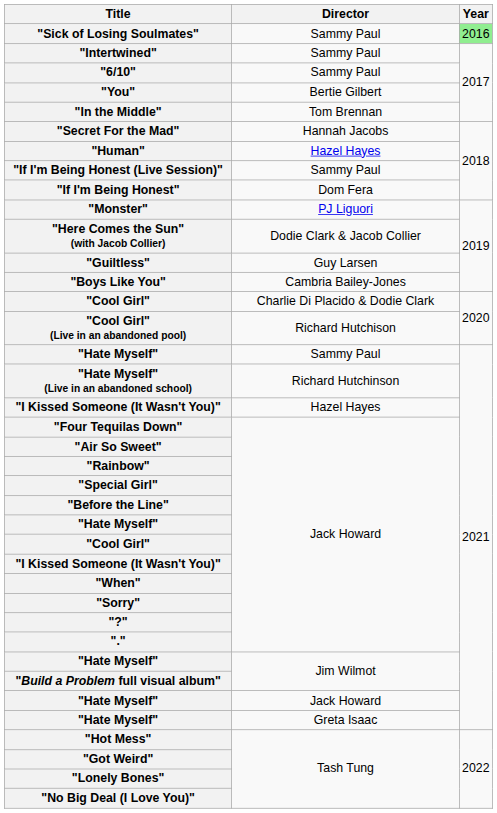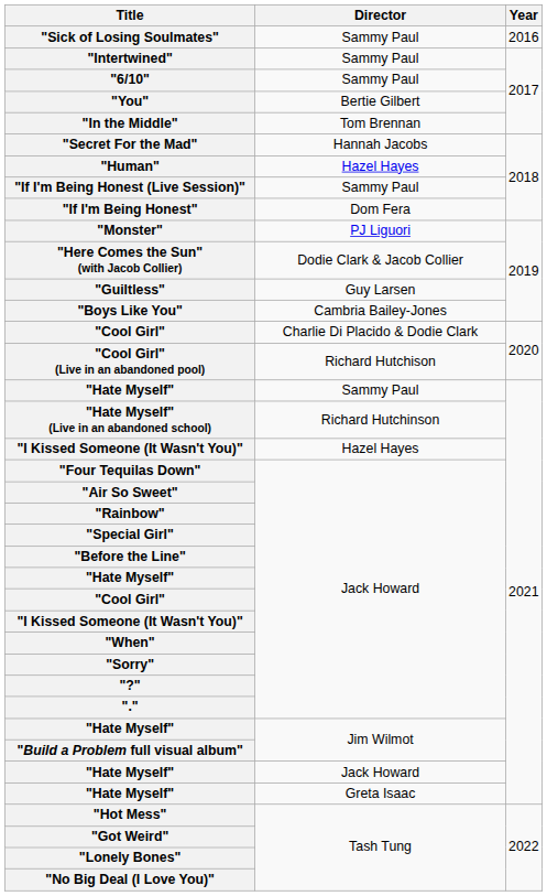 <table class="wikitable plainrowheaders" style="text-align:center;">
 <tr>
 <th scope="col" rowspan="1" style="width:18em;">Title</th>
 <th scope="col" rowspan="1" style="width:18em;">Director</th>
 <th scope="col" rowspan="1" style="width:1em;">Year</th>
 </tr>
 <tr>
 <th scope="row">"Sick of Losing Soulmates"</th>
 <td>Sammy Paul</td>
-<td style="background: lightgreen;">2016</td>
+<td>2016</td>
 </tr>
 <tr>
 <th scope="row">"Intertwined"</th>
 <td>Sammy Paul</td>
 <td rowspan="4">2017</td>
 </tr>
 <tr>
 <th scope="row">"6/10"</th>
 <td>Sammy Paul</td>
 </tr>
 <tr>
 <th scope="row">"You"</th>
 <td>Bertie Gilbert</td>
 </tr>
 <tr>
 <th scope="row">"In the Middle"</th>
 <td>Tom Brennan</td>
 </tr>
 <tr>
 <th scope="row">"Secret For the Mad"</th>
 <td>Hannah Jacobs</td>
 <td rowspan="4">2018</td>
 </tr>
 <tr>
 <th scope="row">"Human"</th>
 <td><a href='#'>Hazel Hayes</a></td>
 </tr>
 <tr>
 <th scope="row">"If I'm Being Honest (Live Session)"</th>
 <td>Sammy Paul</td>
 </tr>
 <tr>
 <th scope="row">"If I'm Being Honest"</th>
 <td>Dom Fera</td>
 </tr>
 <tr>
 <th scope="row">"Monster"</th>
 <td><a href='#'>PJ Liguori</a></td>
 <td rowspan="4">2019</td>
 </tr>
 <tr>
 <th scope="row">"Here Comes the Sun"<br><small>(with Jacob Collier)</small></th>
 <td>Dodie Clark & Jacob Collier</td>
 </tr>
 <tr>
 <th scope="row">"Guiltless"</th>
 <td>Guy Larsen</td>
 </tr>
 <tr>
 <th scope="row">"Boys Like You"</th>
 <td>Cambria Bailey-Jones</td>
 </tr>
 <tr>
 <th scope="row">"Cool Girl"</th>
 <td>Charlie Di Placido & Dodie Clark</td>
 <td rowspan="2">2020</td>
 </tr>
 <tr>
 <th scope="row">"Cool Girl"<br><small>(Live in an abandoned pool)</small></th>
 <td>Richard Hutchison</td>
 </tr>
 <tr>
 <th scope="row">"Hate Myself"</th>
 <td>Sammy Paul</td>
 <td rowspan="19">2021</td>
 </tr>
 <tr>
 <th scope="row">"Hate Myself"<br><small>(Live in an abandoned school)</small></th>
 <td>Richard Hutchinson</td>
 </tr>
 <tr>
 <th scope="row">"I Kissed Someone (It Wasn't You)"</th>
 <td>Hazel Hayes</td>
 </tr>
 <tr>
 <th scope="row">"Four Tequilas Down"<br></th>
 <td rowspan="12">Jack Howard</td>
 </tr>
 <tr>
 <th scope="row">"Air So Sweet"<br></th>
 </tr>
 <tr>
 <th scope="row">"Rainbow"<br></th>
 </tr>
 <tr>
 <th scope="row">"Special Girl"<br></th>
 </tr>
 <tr>
 <th scope="row">"Before the Line"<br></th>
 </tr>
 <tr>
 <th scope="row">"Hate Myself"<br></th>
 </tr>
 <tr>
 <th scope="row">"Cool Girl"<br></th>
 </tr>
 <tr>
 <th scope="row">"I Kissed Someone (It Wasn't You)"<br></th>
 </tr>
 <tr>
 <th scope="row">"When"<br></th>
 </tr>
 <tr>
 <th scope="row">"Sorry"<br></th>
 </tr>
 <tr>
 <th scope="row">"?"</th>
 </tr>
 <tr>
 <th scope="row">"."</th>
 </tr>
 <tr>
 <th scope="row">"Hate Myself"<br></th>
 <td rowspan="2">Jim Wilmot</td>
 </tr>
 <tr>
 <th scope="row">"<em>Build a Problem</em> full visual album"</th>
 </tr>
 <tr>
 <th scope="row">"Hate Myself"<br></th>
 <td>Jack Howard</td>
 </tr>
 <tr>
 <th scope="row">"Hate Myself"<br></th>
 <td>Greta Isaac</td>
 </tr>
 <tr>
 <th scope="row">"Hot Mess"<br></th>
 <td rowspan="4">Tash Tung</td>
 <td rowspan="4">2022</td>
 </tr>
 <tr>
 <th scope="row">"Got Weird"<br></th>
 </tr>
 <tr>
 <th scope="row">"Lonely Bones"<br></th>
 </tr>
 <tr>
 <th scope="row">"No Big Deal (I Love You)"<br></th>
 </tr>
 </table>
